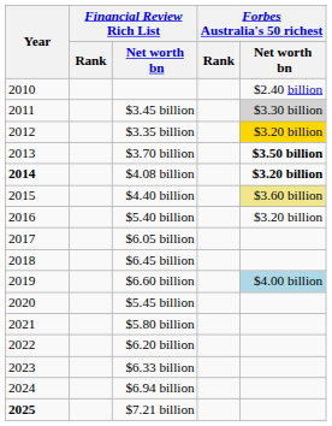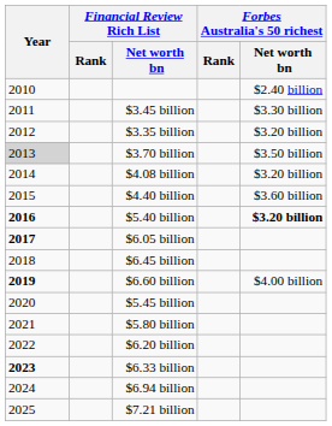 <table class="wikitable">
 <tr>
 <th rowspan=2>Year</th>
 <th colspan=2 width=40%><a href='#'><em>Financial Review</em></a><br><a href='#'>Rich List</a></th>
 <th colspan=2 width=40%><em><a href='#'>Forbes</a></em><br><a href='#'>Australia's 50 richest</a></th>
 </tr>
 <tr>
 <th>Rank</th>
 <th><a href='#'>Net worth</a><br> <a href='#'>bn</a></th>
 <th>Rank</th>
 <th>Net worth<br> bn</th>
 </tr>
 <tr>
 <td>2010</td>
 <td align="center"></td>
 <td align="right"></td>
 <td align="center"> </td>
 <td align="right">$2.40 <a href='#'>billion</a> </td>
 </tr>
 <tr>
 <td>2011</td>
 <td align="center"> </td>
 <td align="right">$3.45 billion </td>
 <td align="center"> </td>
-<td align="right" style="background: lightgrey;">$3.30 billion </td>
+<td align="right">$3.30 billion </td>
 </tr>
 <tr>
 <td>2012</td>
 <td align="center"> </td>
 <td align="right">$3.35 billion </td>
 <td align="center"> </td>
-<td align="right" style="background: gold;">$3.20 billion </td>
+<td align="right">$3.20 billion </td>
 </tr>
 <tr>
-<td>2013</td>
+<td style="background: lightgrey;">2013</td>
 <td align="center"> </td>
 <td align="right">$3.70 billion </td>
 <td align="center"> </td>
-<td align="right"><strong>$3.50 billion </strong></td>
+<td align="right">$3.50 billion </td>
 </tr>
 <tr>
-<td><strong>2014</strong></td>
+<td>2014</td>
 <td align="center"> </td>
 <td align="right">$4.08 billion </td>
 <td align="center"> </td>
-<td align="right"><strong>$3.20 billion </strong></td>
+<td align="right">$3.20 billion </td>
 </tr>
 <tr>
 <td>2015</td>
 <td align="center"> </td>
 <td align="right">$4.40 billion </td>
 <td align="center"> </td>
-<td align="right" style="background: khaki;">$3.60 billion </td>
+<td align="right">$3.60 billion </td>
 </tr>
 <tr>
-<td>2016</td>
+<td><strong>2016</strong></td>
 <td align="center"> </td>
 <td align="right">$5.40 billion </td>
 <td align="center"> </td>
-<td align="right">$3.20 billion </td>
+<td align="right"><strong>$3.20 billion </strong></td>
 </tr>
 <tr>
-<td>2017</td>
+<td><strong>2017</strong></td>
 <td align="center"> </td>
 <td align="right">$6.05 billion </td>
 <td align="center"></td>
 <td align="right"></td>
 </tr>
 <tr>
 <td>2018</td>
 <td align="center"> </td>
 <td align="right">$6.45 billion </td>
 <td align="center"></td>
 <td align="right"></td>
 </tr>
 <tr>
-<td>2019</td>
+<td><strong>2019</strong></td>
 <td align="center"> </td>
 <td align="right">$6.60 billion </td>
 <td align="center"></td>
-<td align="right" style="background: lightblue;">$4.00 billion </td>
+<td align="right">$4.00 billion </td>
 </tr>
 <tr>
 <td>2020</td>
 <td align="center"></td>
 <td align="right">$5.45 billion </td>
 <td align="center"></td>
 <td align="right"></td>
 </tr>
 <tr>
 <td>2021</td>
 <td align="center"></td>
 <td align="right">$5.80 billion </td>
 <td align="center"></td>
 <td align="right"></td>
 </tr>
 <tr>
 <td>2022</td>
 <td align="center"></td>
 <td align="right">$6.20 billion </td>
 <td align="center"></td>
 <td align="right"></td>
 </tr>
 <tr>
-<td>2023</td>
+<td><strong>2023</strong></td>
 <td align="center"></td>
 <td align="right">$6.33 billion </td>
 <td align="center"></td>
 <td align="right"></td>
 </tr>
 <tr>
 <td>2024</td>
 <td align="center"></td>
 <td align="right">$6.94 billion </td>
 <td align="center"></td>
 <td align="right"></td>
 </tr>
 <tr>
-<td><strong>2025</strong></td>
+<td>2025</td>
 <td align="center"></td>
 <td align="right">$7.21 billion </td>
 <td align="center"></td>
 <td align="right"></td>
 </tr>
 </table>
